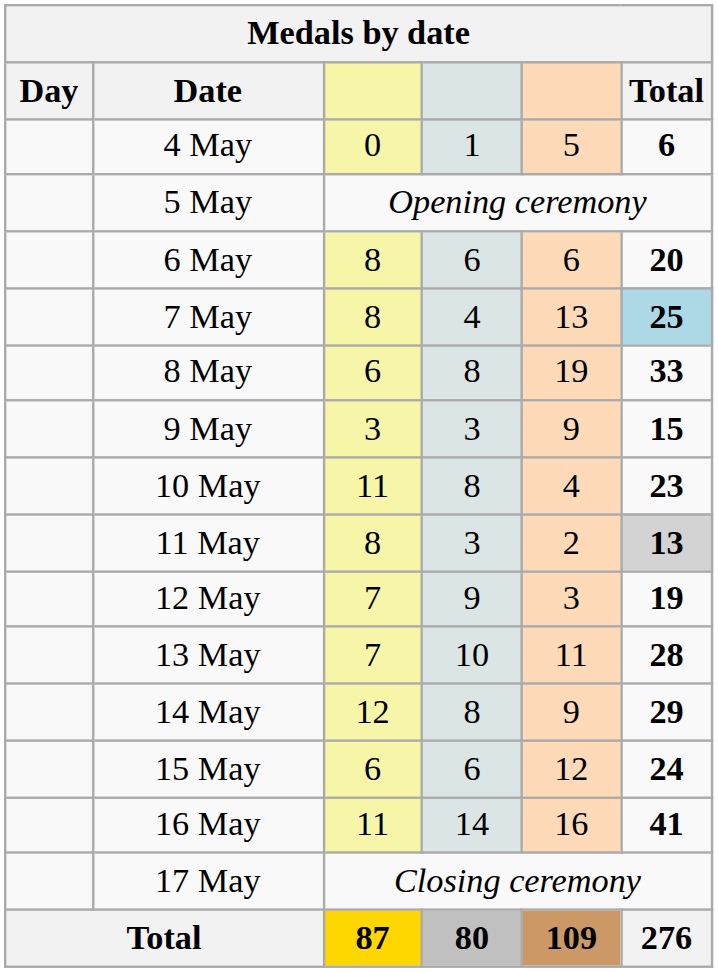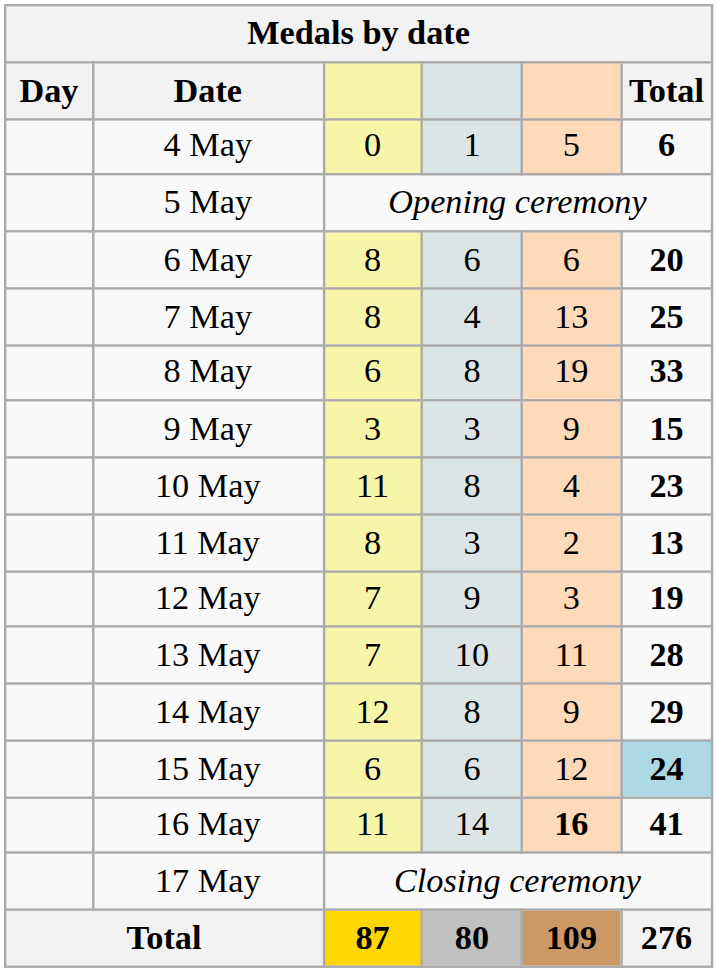 <table class="wikitable" style="font-size:90%; text-align:center">
 <tr style="background:#efefef;">
 <th colspan=6><strong>Medals by date</strong></th>
 </tr>
 <tr>
 <th width=30><strong>Day</strong></th>
 <th width=90><strong>Date</strong></th>
 <th width=35 style="background:#F7F6A8;"></th>
 <th width=35 style="background:#DCE5E5;"></th>
 <th width=35 style="background:#FFDAB9;"></th>
 <th width=30><strong>Total</strong></th>
 </tr>
 <tr>
 <td></td>
 <td>4 May</td>
 <td style="background:#F7F6A8;">0</td>
 <td style="background:#DCE5E5;">1</td>
 <td style="background:#FFDAB9;">5</td>
 <td><strong>6</strong></td>
 </tr>
 <tr>
 <td></td>
 <td>5 May</td>
 <td colspan="4" style="text-align:left center ;"> <em>Opening ceremony</em></td>
 </tr>
 <tr>
 <td></td>
 <td>6 May</td>
 <td style="background:#F7F6A8;">8</td>
 <td style="background:#DCE5E5;">6</td>
 <td style="background:#FFDAB9;">6</td>
 <td><strong>20</strong></td>
 </tr>
 <tr>
 <td></td>
 <td>7 May</td>
 <td style="background:#F7F6A8;">8</td>
 <td style="background:#DCE5E5;">4</td>
 <td style="background:#FFDAB9;">13</td>
-<td style="background: lightblue;"><strong>25</strong></td>
+<td><strong>25</strong></td>
 </tr>
 <tr>
 <td></td>
 <td>8 May</td>
 <td style="background:#F7F6A8;">6</td>
 <td style="background:#DCE5E5;">8</td>
 <td style="background:#FFDAB9;">19</td>
 <td><strong>33</strong></td>
 </tr>
 <tr>
 <td></td>
 <td>9 May</td>
 <td style="background:#F7F6A8;">3</td>
 <td style="background:#DCE5E5;">3</td>
 <td style="background:#FFDAB9;">9</td>
 <td><strong>15</strong></td>
 </tr>
 <tr>
 <td></td>
 <td>10 May</td>
 <td style="background:#F7F6A8;">11</td>
 <td style="background:#DCE5E5;">8</td>
 <td style="background:#FFDAB9;">4</td>
 <td><strong>23</strong></td>
 </tr>
 <tr>
 <td></td>
 <td>11 May</td>
 <td style="background:#F7F6A8;">8</td>
 <td style="background:#DCE5E5;">3</td>
 <td style="background:#FFDAB9;">2</td>
-<td style="background: lightgrey;"><strong>13</strong></td>
+<td><strong>13</strong></td>
 </tr>
 <tr>
 <td></td>
 <td>12 May</td>
 <td style="background:#F7F6A8;">7</td>
 <td style="background:#DCE5E5;">9</td>
 <td style="background:#FFDAB9;">3</td>
 <td><strong>19</strong></td>
 </tr>
 <tr>
 <td></td>
 <td>13 May</td>
 <td style="background:#F7F6A8;">7</td>
 <td style="background:#DCE5E5;">10</td>
 <td style="background:#FFDAB9;">11</td>
 <td><strong>28</strong></td>
 </tr>
 <tr>
 <td></td>
 <td>14 May</td>
 <td style="background:#F7F6A8;">12</td>
 <td style="background:#DCE5E5;">8</td>
 <td style="background:#FFDAB9;">9</td>
 <td><strong>29</strong></td>
 </tr>
 <tr>
 <td></td>
 <td>15 May</td>
 <td style="background:#F7F6A8;">6</td>
 <td style="background:#DCE5E5;">6</td>
 <td style="background:#FFDAB9;">12</td>
-<td><strong>24</strong></td>
+<td style="background: lightblue;"><strong>24</strong></td>
 </tr>
 <tr>
 <td></td>
 <td>16 May</td>
 <td style="background:#F7F6A8;">11</td>
 <td style="background:#DCE5E5;">14</td>
-<td style="background:#FFDAB9;">16</td>
+<td style="background:#FFDAB9;"><strong>16</strong></td>
 <td><strong>41</strong></td>
 </tr>
 <tr>
 <td></td>
 <td>17 May</td>
 <td colspan="4" style="text-align:left center ;"> <em>Closing ceremony</em></td>
 </tr>
 <tr>
 <th colspan="2">Total</th>
 <th style=background:gold>87</th>
 <th style=background:silver>80</th>
 <th style=background:#c96>109</th>
 <th>276</th>
 </tr>
 </table>
